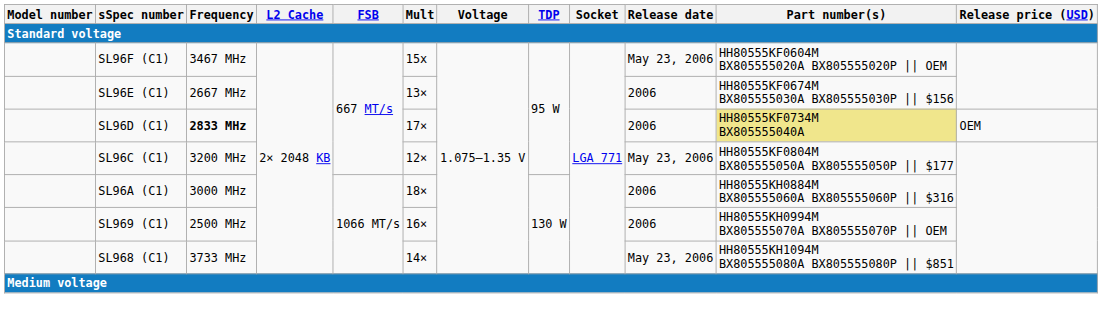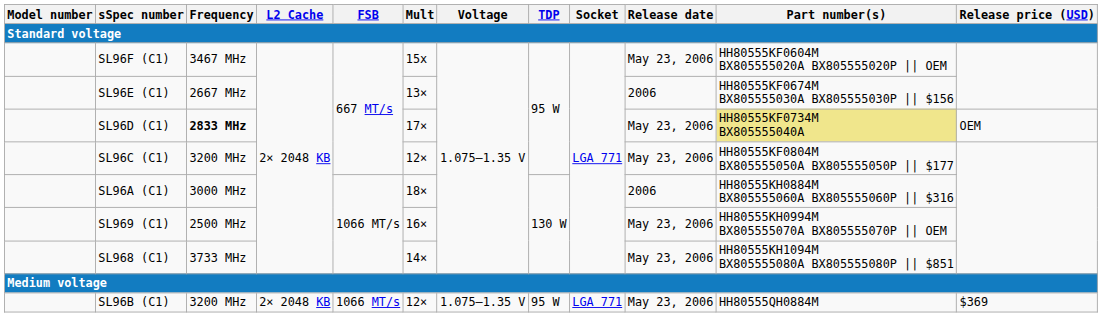 <table class="wikitable sortable">
 <tr>
 <th>Model number</th>
 <th>sSpec number</th>
 <th>Frequency</th>
 <th><a href='#'>L2 Cache</a></th>
 <th><a href='#'>FSB</a></th>
 <th>Mult</th>
 <th>Voltage</th>
 <th><a href='#'>TDP</a></th>
 <th>Socket</th>
 <th>Release date</th>
 <th>Part number(s)</th>
 <th>Release price (<a href='#'>USD</a>)</th>
 </tr>
 <tr>
 <td colspan="12" style="text-align:left; background:#127cc1; color:white;"><strong>Standard voltage</strong></td>
 </tr>
 <tr>
 <td></td>
 <td>SL96F (C1)</td>
 <td>3467 MHz</td>
 <td rowspan="7">2× 2048 <a href='#'>KB</a></td>
 <td rowspan="4">667 <a href='#'>MT/s</a></td>
 <td>15x</td>
 <td rowspan="7">1.075–1.35 V</td>
 <td rowspan="4">95 W</td>
 <td rowspan="7"><a href='#'>LGA 771</a></td>
 <td>May 23, 2006</td>
 <td>HH80555KF0604M<br>BX805555020A BX805555020P || OEM</td>
 </tr>
 <tr>
 <td></td>
 <td>SL96E (C1)</td>
 <td>2667 MHz</td>
 <td>13×</td>
 <td>2006</td>
 <td>HH80555KF0674M<br>BX805555030A BX805555030P || $156</td>
 </tr>
 <tr>
 <td></td>
 <td>SL96D (C1)</td>
 <td><strong>2833 MHz</strong></td>
 <td>17×</td>
-<td>2006</td>
+<td>May 23, 2006</td>
 <td style="background: khaki;">HH80555KF0734M<br>BX805555040A</td>
 <td>OEM</td>
 </tr>
 <tr>
 <td></td>
 <td>SL96C (C1)</td>
 <td>3200 MHz</td>
 <td>12×</td>
 <td>May 23, 2006</td>
 <td>HH80555KF0804M<br>BX805555050A BX805555050P || $177</td>
 </tr>
 <tr>
 <td></td>
 <td>SL96A (C1)</td>
 <td>3000 MHz</td>
 <td rowspan="3">1066 MT/s</td>
 <td>18×</td>
 <td rowspan="3">130 W</td>
 <td>2006</td>
 <td>HH80555KH0884M<br>BX805555060A BX805555060P || $316</td>
 </tr>
 <tr>
 <td></td>
 <td>SL969 (C1)</td>
 <td>2500 MHz</td>
 <td>16×</td>
-<td>2006</td>
+<td>May 23, 2006</td>
 <td>HH80555KH0994M<br>BX805555070A BX805555070P || OEM</td>
 </tr>
 <tr>
 <td></td>
 <td>SL968 (C1)</td>
 <td>3733 MHz</td>
 <td>14×</td>
 <td>May 23, 2006</td>
 <td>HH80555KH1094M<br>BX805555080A BX805555080P || $851</td>
 </tr>
 <tr>
 <td colspan="12" style="text-align:left; background:#127cc1; color:white;"><strong>Medium voltage</strong></td>
 </tr>
+<tr>
+<td></td>
+<td>SL96B (C1)</td>
+<td>3200 MHz</td>
+<td>2× 2048 <a href='#'>KB</a></td>
+<td>1066 <a href='#'>MT/s</a></td>
+<td>12×</td>
+<td>1.075–1.35 V</td>
+<td>95 W</td>
+<td><a href='#'>LGA 771</a></td>
+<td>May 23, 2006</td>
+<td>HH80555QH0884M</td>
+<td>$369</td>
+</tr>
 </table>
